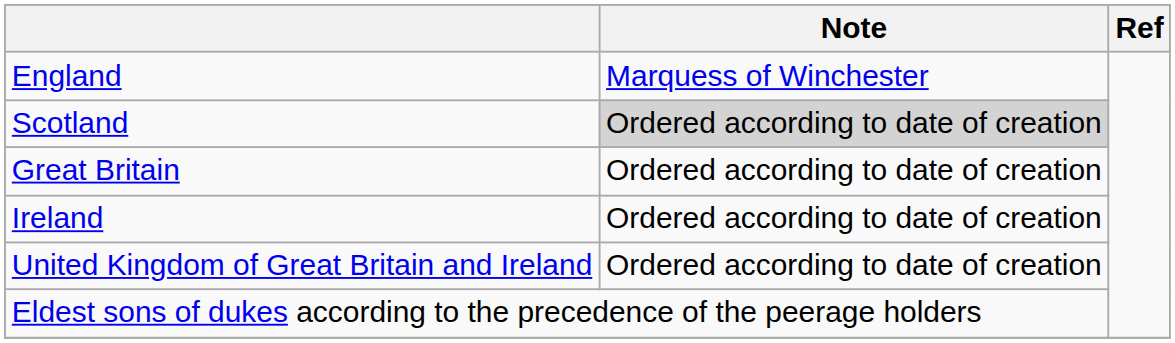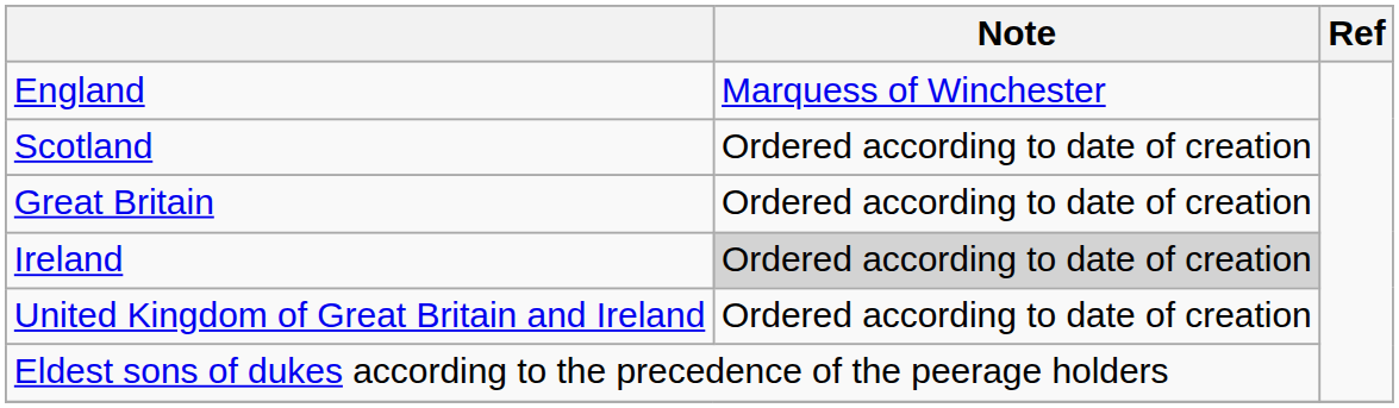 <table class="wikitable">
 <tr>
 <th></th>
 <th>Note</th>
 <th>Ref</th>
 </tr>
 <tr>
 <td> <a href='#'>England</a></td>
 <td><a href='#'>Marquess of Winchester</a></td>
 <td rowspan=6></td>
 </tr>
 <tr>
 <td> <a href='#'>Scotland</a></td>
-<td style="background: lightgrey;">Ordered according to date of creation</td>
+<td>Ordered according to date of creation</td>
 </tr>
 <tr>
 <td> <a href='#'>Great Britain</a></td>
 <td>Ordered according to date of creation</td>
 </tr>
 <tr>
 <td> <a href='#'>Ireland</a></td>
-<td>Ordered according to date of creation</td>
+<td style="background: lightgrey;">Ordered according to date of creation</td>
 </tr>
 <tr>
 <td> <a href='#'>United Kingdom of Great Britain and Ireland</a></td>
 <td>Ordered according to date of creation</td>
 </tr>
 <tr>
 <td colspan=2><a href='#'>Eldest sons of dukes</a> according to the precedence of the peerage holders</td>
 </tr>
 <tr>
 </tr>
 </table>
